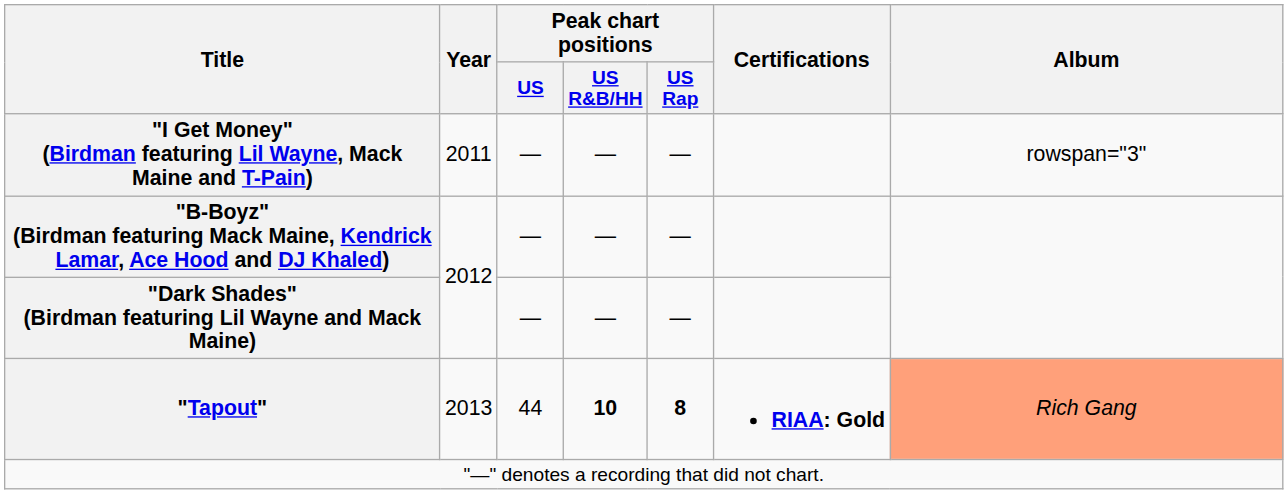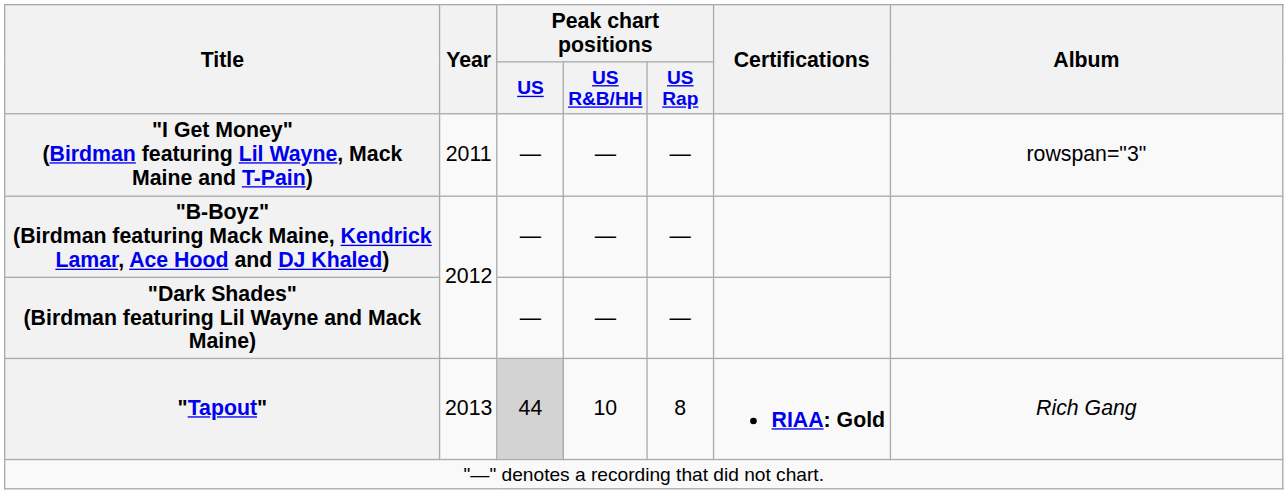 <table class="wikitable plainrowheaders" style="text-align:center;" border="1">
 <tr>
 <th scope="col" rowspan="2" style="width:20em;">Title</th>
 <th scope="col" rowspan="2">Year</th>
 <th colspan="3" scope="col">Peak chart positions</th>
 <th rowspan="2">Certifications</th>
 <th rowspan="2" scope="col" style="width:18em;">Album</th>
 </tr>
 <tr>
 <th scope="col" style="width:3em;font-size:90%;"><a href='#'>US</a><br></th>
 <th scope="col" style="width:3em;font-size:90%;"><a href='#'>US <br>R&B/HH</a><br></th>
 <th scope="col" style="width:3em;font-size:90%;"><a href='#'>US<br>Rap</a><br></th>
 </tr>
 <tr>
 <th scope="row">"I Get Money"<br><span>(<a href='#'>Birdman</a> featuring <a href='#'>Lil Wayne</a>, Mack Maine and <a href='#'>T-Pain</a>)</span></th>
 <td>2011</td>
 <td>—</td>
 <td>—</td>
 <td>—</td>
 <td></td>
 <td>rowspan="3" </td>
 </tr>
 <tr>
 <th scope="row">"B-Boyz" <br><span>(Birdman featuring Mack Maine, <a href='#'>Kendrick Lamar</a>, <a href='#'>Ace Hood</a> and <a href='#'>DJ Khaled</a>)</span></th>
 <td rowspan="2">2012</td>
 <td>—</td>
 <td>—</td>
 <td>—</td>
 <td></td>
 </tr>
 <tr>
 <th scope="row">"Dark Shades" <br><span>(Birdman featuring Lil Wayne and Mack Maine)</span></th>
 <td>—</td>
 <td>—</td>
 <td>—</td>
 <td></td>
 </tr>
 <tr>
 <th scope="row">"<a href='#'>Tapout</a>"<br></th>
 <td>2013</td>
-<td>44</td>
-<td><strong>10</strong></td>
-<td><strong>8</strong></td>
+<td style="background: lightgrey;">44</td>
+<td>10</td>
+<td>8</td>
 <td><strong><br><ul><li><a href='#'>RIAA</a>: Gold</li></ul></strong></td>
-<td style="background: lightsalmon;"><em>Rich Gang</em></td>
+<td><em>Rich Gang</em></td>
 </tr>
 <tr>
 <td colspan="14" style="font-size:90%">"—" denotes a recording that did not chart.</td>
 </tr>
 </table>
